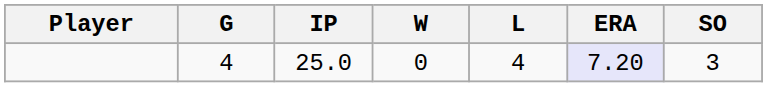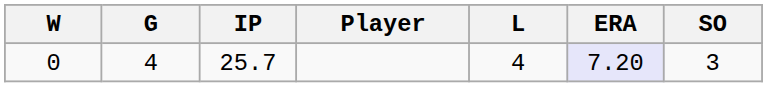 <table class="wikitable sortable">
 <tr>
-<th bgcolor="#DDDDFF" width="16%">Player</th>
+<th bgcolor="#DDDDFF" width="9%">W</th>
 <th bgcolor="#DDDDFF" width="9%">G</th>
 <th bgcolor="#DDDDFF" width="9%">IP</th>
-<th bgcolor="#DDDDFF" width="9%">W</th>
+<th bgcolor="#DDDDFF" width="16%">Player</th>
 <th bgcolor="#DDDDFF" width="9%">L</th>
 <th bgcolor="#DDDDFF" width="9%">ERA</th>
 <th bgcolor="#DDDDFF" width="9%">SO</th>
 </tr>
 <tr align="center">
+<td>0</td>
+<td>4</td>
+<td>25.7</td>
 <td></td>
-<td>4</td>
-<td>25.0</td>
-<td>0</td>
 <td>4</td>
 <td style="background: lavender;">7.20</td>
 <td>3</td>
 </tr>
 </table>
